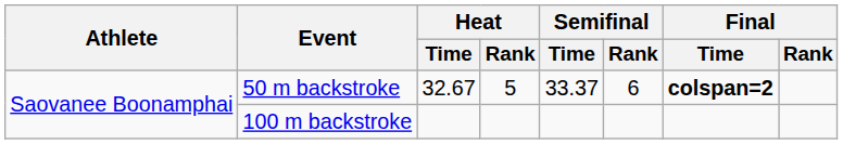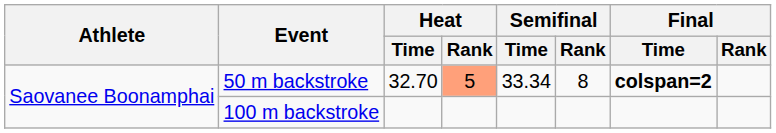 <table class=wikitable style="font-size:90%">
 <tr>
 <th rowspan="2">Athlete</th>
 <th rowspan="2">Event</th>
 <th colspan="2">Heat</th>
 <th colspan="2">Semifinal</th>
 <th colspan="2">Final</th>
 </tr>
 <tr style="font-size:95%">
 <th>Time</th>
 <th>Rank</th>
 <th>Time</th>
 <th>Rank</th>
 <th>Time</th>
 <th>Rank</th>
 </tr>
 <tr align=center>
 <td align=left rowspan=2><a href='#'>Saovanee Boonamphai</a></td>
 <td align=left><a href='#'>50 m backstroke</a></td>
-<td>32.67</td>
-<td>5</td>
-<td>33.37</td>
-<td>6</td>
+<td>32.70</td>
+<td style="background: lightsalmon;">5</td>
+<td>33.34</td>
+<td>8</td>
 <td><strong>colspan=2 </strong></td>
 </tr>
 <tr align=center>
 <td align=left><a href='#'>100 m backstroke</a></td>
 <td></td>
 <td></td>
 <td></td>
 <td></td>
 <td></td>
 <td></td>
 </tr>
 </table>
